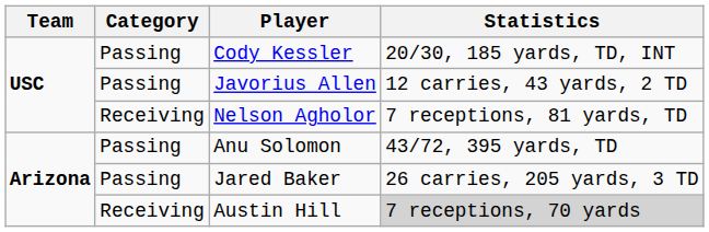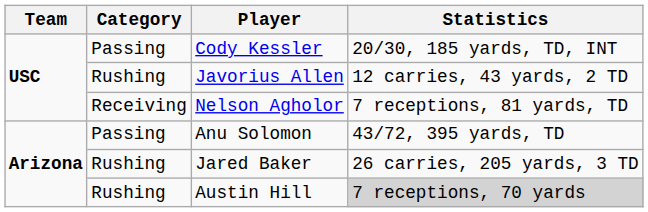 <table class="wikitable" style="float: right;">
 <tr>
 <th>Team</th>
 <th>Category</th>
 <th>Player</th>
 <th>Statistics</th>
 </tr>
 <tr>
 <td rowspan=3><strong>USC</strong></td>
 <td>Passing</td>
 <td><a href='#'>Cody Kessler</a></td>
 <td>20/30, 185 yards, TD, INT</td>
 </tr>
 <tr>
-<td>Passing</td>
+<td>Rushing</td>
 <td><a href='#'>Javorius Allen</a></td>
 <td>12 carries, 43 yards, 2 TD</td>
 </tr>
 <tr>
 <td>Receiving</td>
 <td><a href='#'>Nelson Agholor</a></td>
 <td>7 receptions, 81 yards, TD</td>
 </tr>
 <tr>
 <td rowspan=3><strong>Arizona</strong></td>
 <td>Passing</td>
 <td>Anu Solomon</td>
 <td>43/72, 395 yards, TD</td>
 </tr>
 <tr>
-<td>Passing</td>
+<td>Rushing</td>
 <td>Jared Baker</td>
 <td>26 carries, 205 yards, 3 TD</td>
 </tr>
 <tr>
-<td>Receiving</td>
+<td>Rushing</td>
 <td>Austin Hill</td>
 <td style="background: lightgrey;">7 receptions, 70 yards</td>
 </tr>
 </table>
